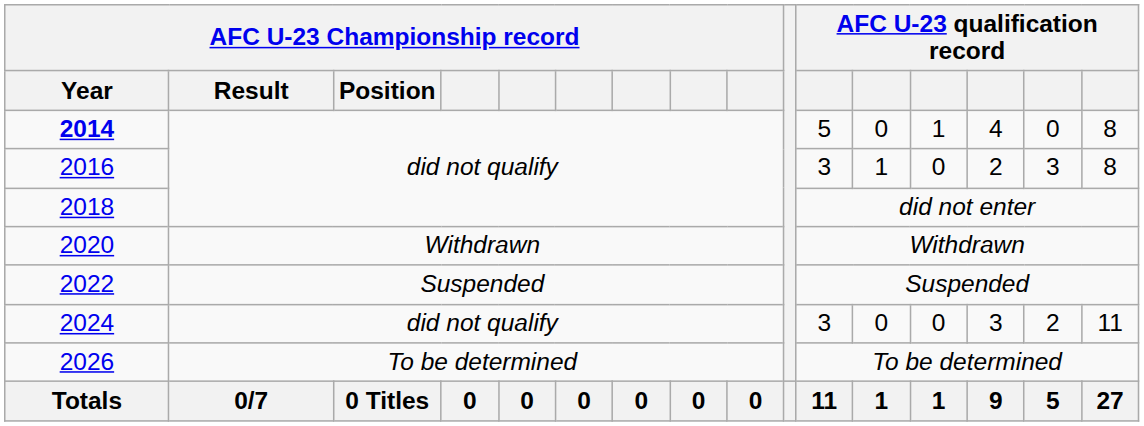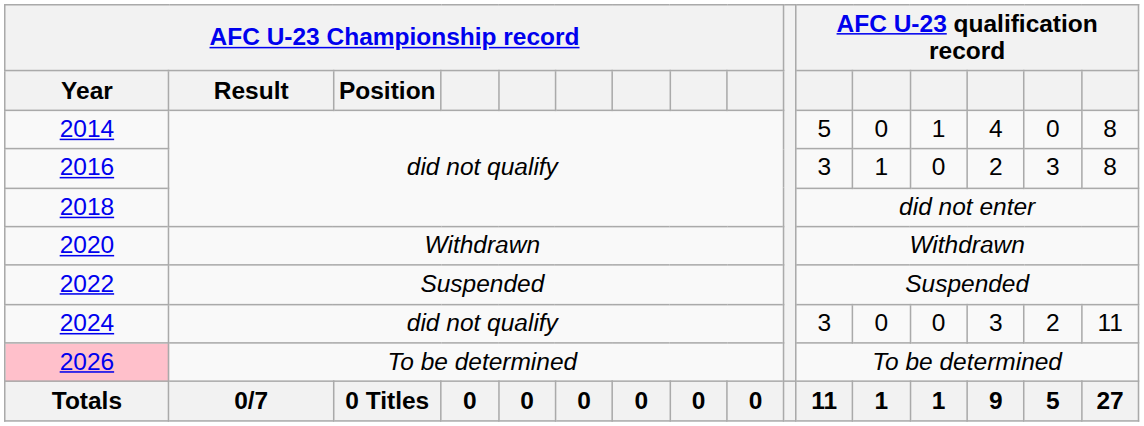 <table class="wikitable collapsible collapsed" style="text-align: center;">
 <tr>
 <th colspan=9><a href='#'>AFC U-23 Championship record</a></th>
 <th style="width:1%;" rowspan="9"></th>
 <th colspan=6><a href='#'>AFC U-23</a> qualification record</th>
 </tr>
 <tr>
 <th style="width:100px;">Year</th>
 <th style="width:100px;">Result</th>
 <th style="width:60px;">Position</th>
 <th style="width:30px;"></th>
 <th style="width:30px;"></th>
 <th style="width:30px;"></th>
 <th style="width:30px;"></th>
 <th style="width:30px;"></th>
 <th style="width:30px;"></th>
 <th style="width:30px;"></th>
 <th style="width:30px;"></th>
 <th style="width:30px;"></th>
 <th style="width:30px;"></th>
 <th style="width:30px;"></th>
 <th style="width:30px;"></th>
 </tr>
 <tr>
-<td><strong> <a href='#'>2014</a></strong></td>
+<td> <a href='#'>2014</a></td>
 <td rowspan=3 colspan=9><em>did not qualify</em></td>
 <td>5</td>
 <td>0</td>
 <td>1</td>
 <td>4</td>
 <td>0</td>
 <td>8</td>
 </tr>
 <tr>
 <td> <a href='#'>2016</a></td>
 <td>3</td>
 <td>1</td>
 <td>0</td>
 <td>2</td>
 <td>3</td>
 <td>8</td>
 </tr>
 <tr>
 <td> <a href='#'>2018</a></td>
 <td colspan=6><em>did not enter</em></td>
 </tr>
 <tr>
 <td><a href='#'>2020</a></td>
 <td colspan=9><em>Withdrawn</em></td>
 <td colspan=6><em>Withdrawn</em></td>
 </tr>
 <tr>
 <td><a href='#'>2022</a></td>
 <td colspan=9><em>Suspended</em></td>
 <td colspan=6><em>Suspended</em></td>
 </tr>
 <tr>
 <td><a href='#'>2024</a></td>
 <td colspan=9><em>did not qualify</em></td>
 <td>3</td>
 <td>0</td>
 <td>0</td>
 <td>3</td>
 <td>2</td>
 <td>11</td>
 </tr>
 <tr>
-<td><a href='#'>2026</a></td>
+<td style="background: pink;"><a href='#'>2026</a></td>
 <td colspan=9><em>To be determined</em></td>
 <td colspan=6><em>To be determined</em></td>
 </tr>
 <tr>
 <th><strong>Totals</strong></th>
 <th>0/7</th>
 <th>0 Titles</th>
 <th>0</th>
 <th>0</th>
 <th>0</th>
 <th>0</th>
 <th>0</th>
 <th>0</th>
 <th></th>
 <th>11</th>
 <th>1</th>
 <th>1</th>
 <th>9</th>
 <th>5</th>
 <th>27</th>
 </tr>
 </table>
